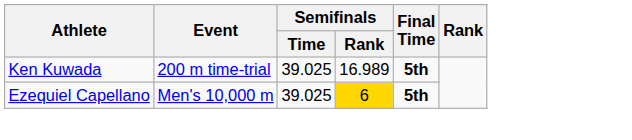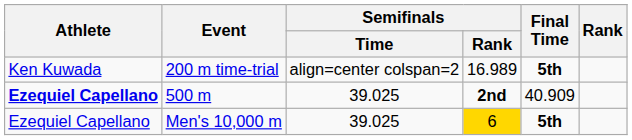 <table class=wikitable style="font-size:90%">
 <tr>
 <th rowspan=2>Athlete</th>
 <th rowspan=2>Event</th>
 <th colspan=2>Semifinals</th>
 <th rowspan=2>Final<br>Time</th>
 <th rowspan=2>Rank</th>
 </tr>
 <tr>
 <th>Time</th>
 <th>Rank</th>
 </tr>
 <tr>
 <td><a href='#'>Ken Kuwada</a></td>
 <td><a href='#'>200 m time-trial</a></td>
-<td align=center>39.025</td>
+<td>align=center colspan=2 </td>
 <td align=center>16.989</td>
 <td align=center><strong>5th</strong></td>
+</tr>
+<tr>
+<td><strong><a href='#'>Ezequiel Capellano</a></strong></td>
+<td><a href='#'>500 m</a></td>
+<td align=center>39.025</td>
+<td align=center><strong>2nd</strong></td>
+<td align=center>40.909</td>
+<td align=center></td>
 </tr>
 <tr>
 <td><a href='#'>Ezequiel Capellano</a></td>
 <td><a href='#'>Men's 10,000 m</a></td>
 <td align=center>39.025</td>
 <td align=center style="background: gold;">6</td>
 <td align=center><strong>5th</strong></td>
 </tr>
 </table>
